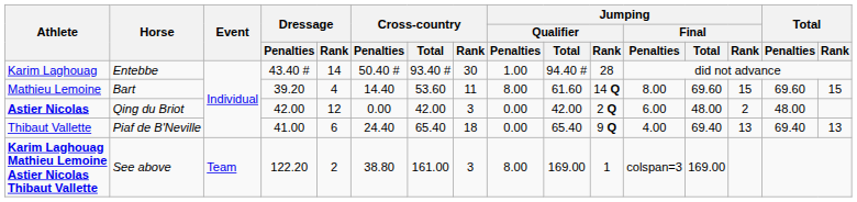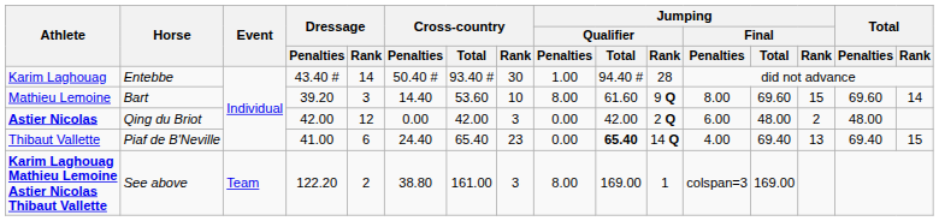 <table class=wikitable style="font-size:90%">
 <tr>
 <th rowspan="3">Athlete</th>
 <th rowspan="3">Horse</th>
 <th rowspan="3">Event</th>
 <th colspan="2" rowspan="2">Dressage</th>
 <th colspan="3" rowspan="2">Cross-country</th>
 <th colspan="6">Jumping</th>
 <th colspan="2" rowspan="2">Total</th>
 </tr>
 <tr style="font-size:95%">
 <th colspan="3">Qualifier</th>
 <th colspan="3">Final</th>
 </tr>
 <tr style="font-size:95%">
 <th>Penalties</th>
 <th>Rank</th>
 <th>Penalties</th>
 <th>Total</th>
 <th>Rank</th>
 <th>Penalties</th>
 <th>Total</th>
 <th>Rank</th>
 <th>Penalties</th>
 <th>Total</th>
 <th>Rank</th>
 <th>Penalties</th>
 <th>Rank</th>
 </tr>
 <tr align=center>
 <td align=left><a href='#'>Karim Laghouag</a></td>
 <td align=left><em>Entebbe</em></td>
 <td style="text-align:left;" rowspan="4"><a href='#'>Individual</a></td>
 <td>43.40 #</td>
 <td>14</td>
 <td>50.40 #</td>
 <td>93.40 #</td>
 <td>30</td>
 <td>1.00</td>
 <td>94.40 #</td>
 <td>28</td>
 <td colspan=5>did not advance</td>
 </tr>
 <tr align=center>
 <td align=left><a href='#'>Mathieu Lemoine</a></td>
 <td align=left><em>Bart</em></td>
 <td>39.20</td>
-<td>4</td>
+<td>3</td>
 <td>14.40</td>
 <td>53.60</td>
-<td>11</td>
+<td>10</td>
 <td>8.00</td>
 <td>61.60</td>
-<td>14 <strong>Q</strong></td>
+<td>9 <strong>Q</strong></td>
 <td>8.00</td>
 <td>69.60</td>
 <td>15</td>
 <td>69.60</td>
-<td>15</td>
+<td>14</td>
 </tr>
 <tr align=center>
 <td align=left><strong><a href='#'>Astier Nicolas</a></strong></td>
 <td align=left><em>Qing du Briot</em></td>
 <td>42.00</td>
 <td>12</td>
 <td>0.00</td>
 <td>42.00</td>
 <td>3</td>
 <td>0.00</td>
 <td>42.00</td>
 <td>2 <strong>Q</strong></td>
 <td>6.00</td>
 <td>48.00</td>
 <td>2</td>
 <td>48.00</td>
 <td></td>
 </tr>
 <tr align=center>
 <td align=left><a href='#'>Thibaut Vallette</a></td>
 <td align=left><em>Piaf de B'Neville</em></td>
 <td>41.00</td>
 <td>6</td>
 <td>24.40</td>
 <td>65.40</td>
-<td>18</td>
+<td>23</td>
 <td>0.00</td>
-<td>65.40</td>
-<td>9 <strong>Q</strong></td>
+<td><strong>65.40</strong></td>
+<td>14 <strong>Q</strong></td>
 <td>4.00</td>
 <td>69.40</td>
 <td>13</td>
 <td>69.40</td>
-<td>13</td>
+<td>15</td>
 </tr>
 <tr align=center>
 <td align=left><strong><a href='#'>Karim Laghouag</a><br><a href='#'>Mathieu Lemoine</a><br><a href='#'>Astier Nicolas</a><br><a href='#'>Thibaut Vallette</a></strong></td>
 <td align=left><em>See above</em></td>
 <td align=left><a href='#'>Team</a></td>
 <td>122.20</td>
 <td>2</td>
 <td>38.80</td>
 <td>161.00</td>
 <td>3</td>
 <td>8.00</td>
 <td>169.00</td>
 <td>1</td>
 <td>colspan=3 </td>
 <td>169.00</td>
 <td></td>
 </tr>
 </table>
